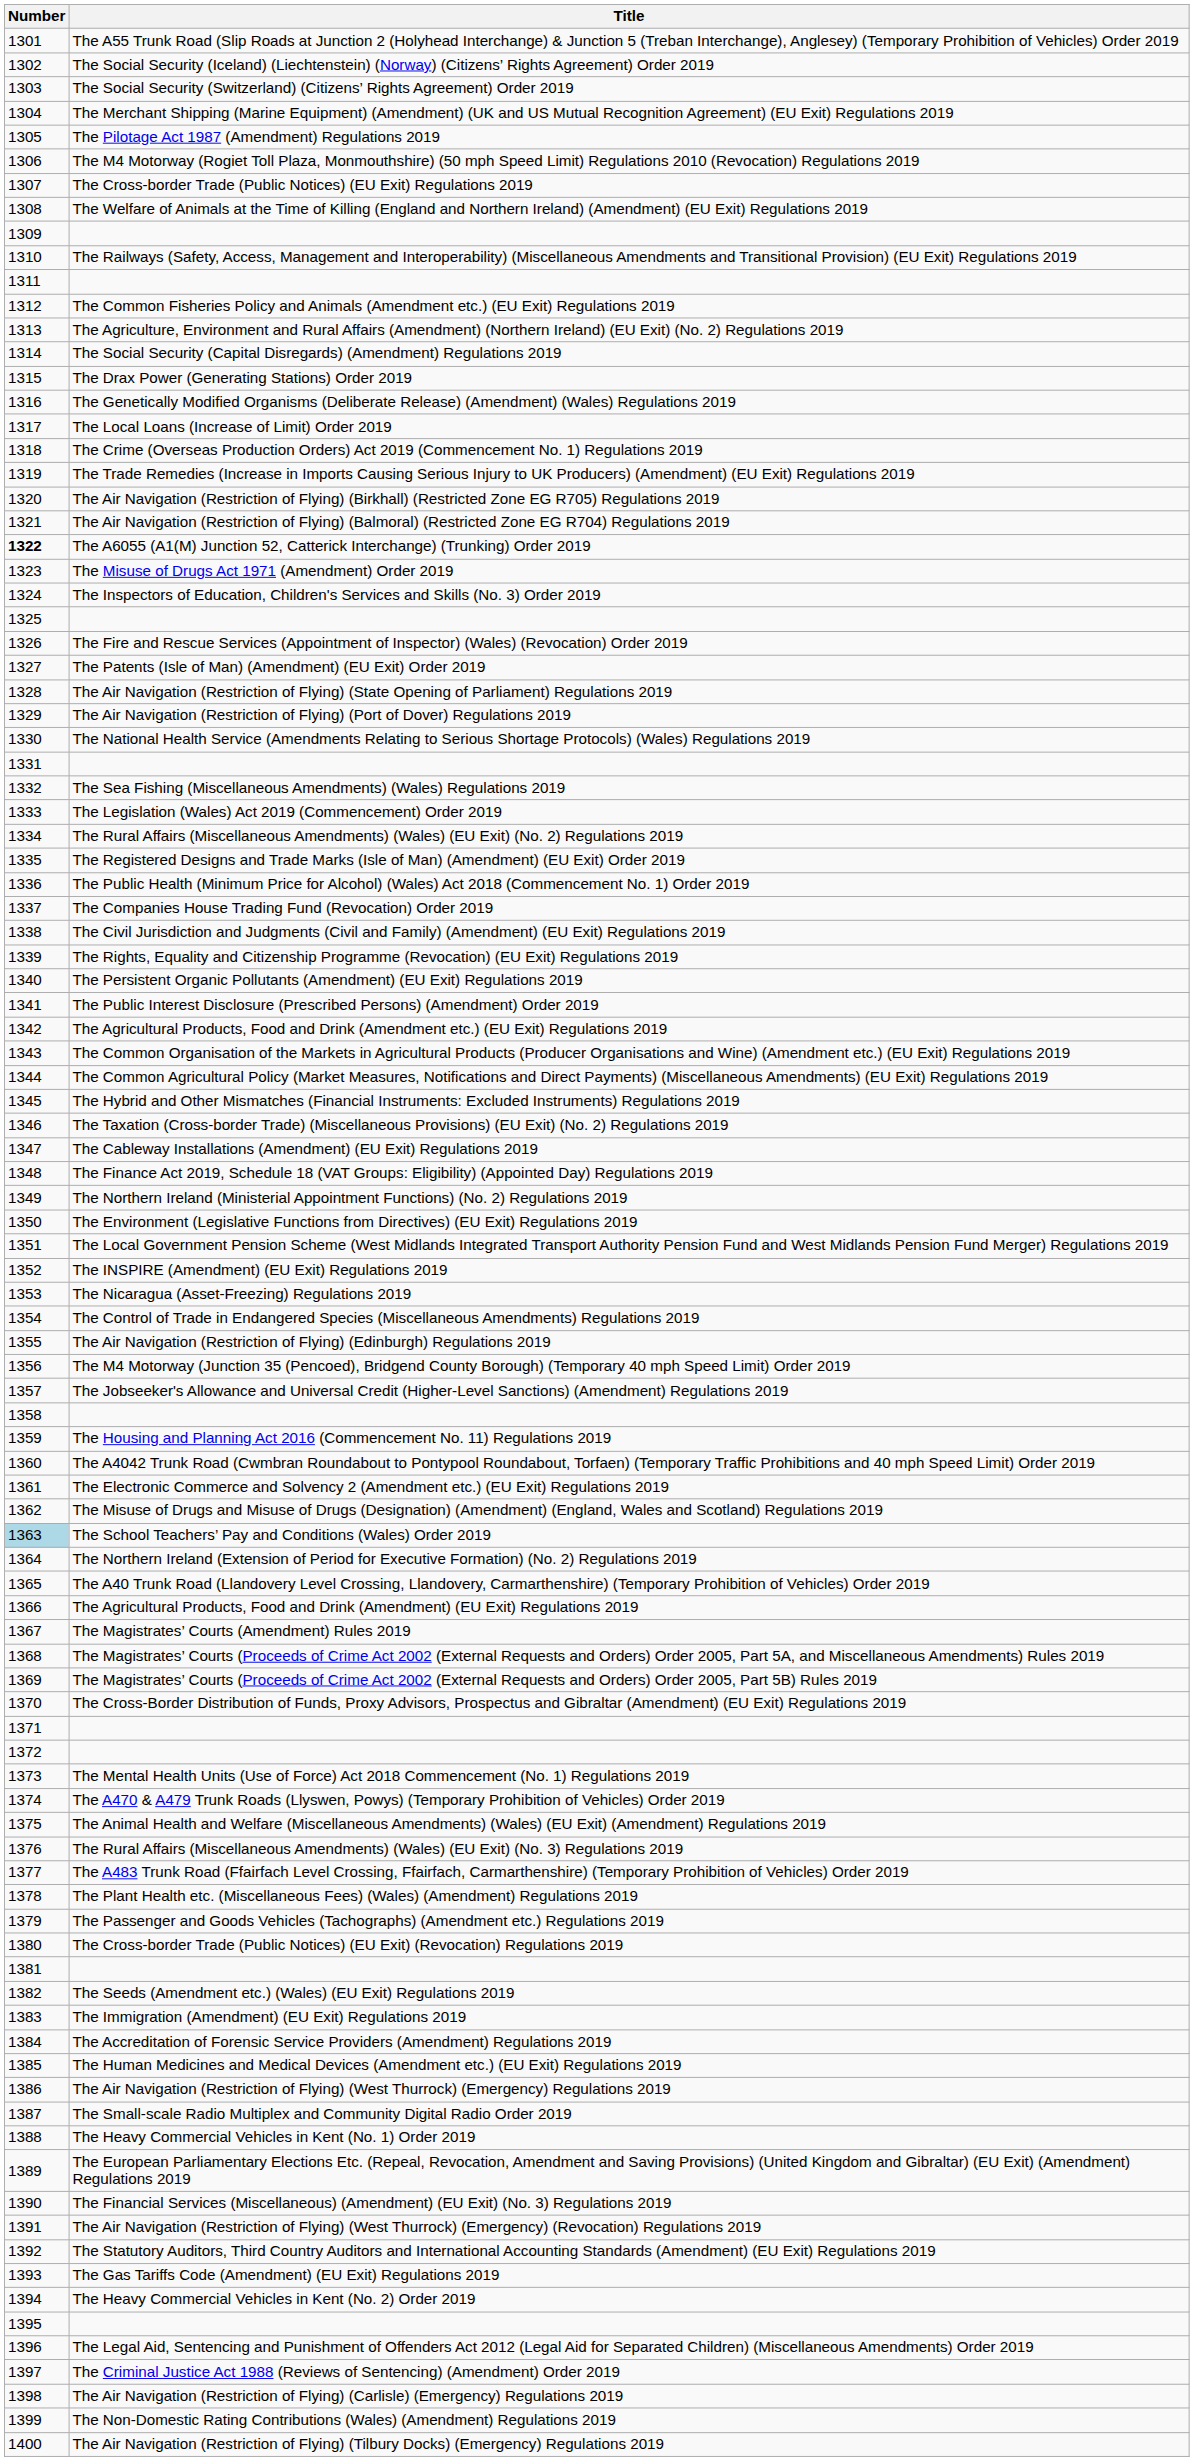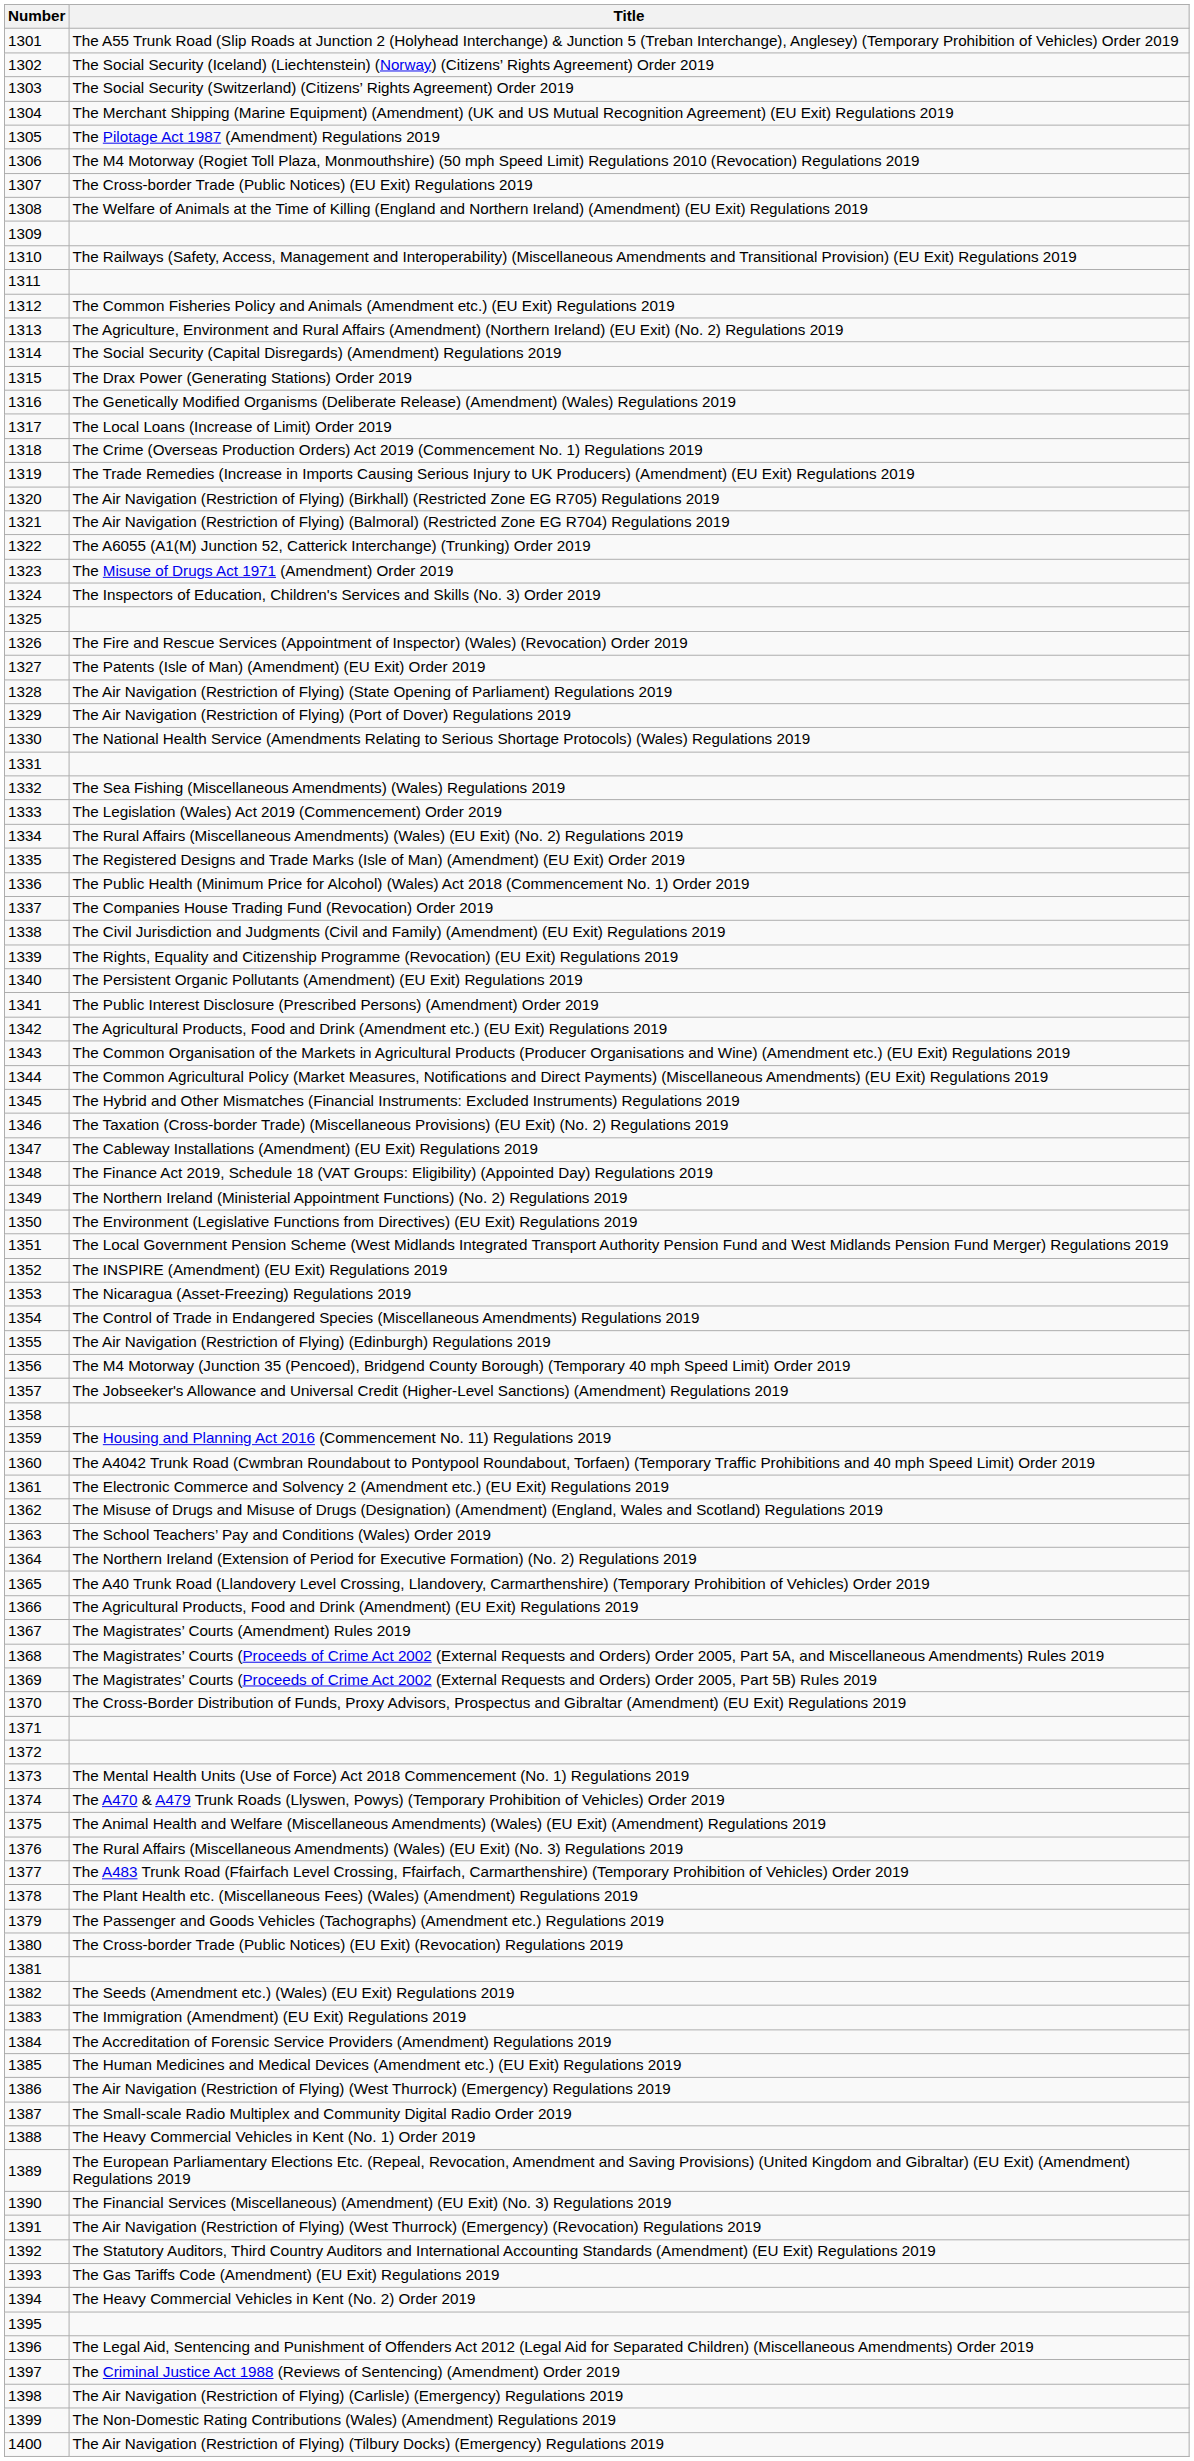 <table class="wikitable collapsible">
 <tr>
 <th>Number</th>
 <th>Title</th>
 </tr>
 <tr>
 <td>1301</td>
 <td>The A55 Trunk Road (Slip Roads at Junction 2 (Holyhead Interchange) & Junction 5 (Treban Interchange), Anglesey) (Temporary Prohibition of Vehicles) Order 2019</td>
 </tr>
 <tr>
 <td>1302</td>
 <td>The Social Security (Iceland) (Liechtenstein) (<a href='#'>Norway</a>) (Citizens’ Rights Agreement) Order 2019</td>
 </tr>
 <tr>
 <td>1303</td>
 <td>The Social Security (Switzerland) (Citizens’ Rights Agreement) Order 2019</td>
 </tr>
 <tr>
 <td>1304</td>
 <td>The Merchant Shipping (Marine Equipment) (Amendment) (UK and US Mutual Recognition Agreement) (EU Exit) Regulations 2019</td>
 </tr>
 <tr>
 <td>1305</td>
 <td>The <a href='#'>Pilotage Act 1987</a> (Amendment) Regulations 2019</td>
 </tr>
 <tr>
 <td>1306</td>
 <td>The M4 Motorway (Rogiet Toll Plaza, Monmouthshire) (50 mph Speed Limit) Regulations 2010 (Revocation) Regulations 2019</td>
 </tr>
 <tr>
 <td>1307</td>
 <td>The Cross-border Trade (Public Notices) (EU Exit) Regulations 2019</td>
 </tr>
 <tr>
 <td>1308</td>
 <td>The Welfare of Animals at the Time of Killing (England and Northern Ireland) (Amendment) (EU Exit) Regulations 2019</td>
 </tr>
 <tr>
 <td>1309</td>
 <td></td>
 </tr>
 <tr>
 <td>1310</td>
 <td>The Railways (Safety, Access, Management and Interoperability) (Miscellaneous Amendments and Transitional Provision) (EU Exit) Regulations 2019</td>
 </tr>
 <tr>
 <td>1311</td>
 <td></td>
 </tr>
 <tr>
 <td>1312</td>
 <td>The Common Fisheries Policy and Animals (Amendment etc.) (EU Exit) Regulations 2019</td>
 </tr>
 <tr>
 <td>1313</td>
 <td>The Agriculture, Environment and Rural Affairs (Amendment) (Northern Ireland) (EU Exit) (No. 2) Regulations 2019</td>
 </tr>
 <tr>
 <td>1314</td>
 <td>The Social Security (Capital Disregards) (Amendment) Regulations 2019</td>
 </tr>
 <tr>
 <td>1315</td>
 <td>The Drax Power (Generating Stations) Order 2019</td>
 </tr>
 <tr>
 <td>1316</td>
 <td>The Genetically Modified Organisms (Deliberate Release) (Amendment) (Wales) Regulations 2019</td>
 </tr>
 <tr>
 <td>1317</td>
 <td>The Local Loans (Increase of Limit) Order 2019</td>
 </tr>
 <tr>
 <td>1318</td>
 <td>The Crime (Overseas Production Orders) Act 2019 (Commencement No. 1) Regulations 2019</td>
 </tr>
 <tr>
 <td>1319</td>
 <td>The Trade Remedies (Increase in Imports Causing Serious Injury to UK Producers) (Amendment) (EU Exit) Regulations 2019</td>
 </tr>
 <tr>
 <td>1320</td>
 <td>The Air Navigation (Restriction of Flying) (Birkhall) (Restricted Zone EG R705) Regulations 2019</td>
 </tr>
 <tr>
 <td>1321</td>
 <td>The Air Navigation (Restriction of Flying) (Balmoral) (Restricted Zone EG R704) Regulations 2019</td>
 </tr>
 <tr>
-<td><strong>1322</strong></td>
+<td>1322</td>
 <td>The A6055 (A1(M) Junction 52, Catterick Interchange) (Trunking) Order 2019</td>
 </tr>
 <tr>
 <td>1323</td>
 <td>The <a href='#'>Misuse of Drugs Act 1971</a> (Amendment) Order 2019</td>
 </tr>
 <tr>
 <td>1324</td>
 <td>The Inspectors of Education, Children's Services and Skills (No. 3) Order 2019</td>
 </tr>
 <tr>
 <td>1325</td>
 <td></td>
 </tr>
 <tr>
 <td>1326</td>
 <td>The Fire and Rescue Services (Appointment of Inspector) (Wales) (Revocation) Order 2019</td>
 </tr>
 <tr>
 <td>1327</td>
 <td>The Patents (Isle of Man) (Amendment) (EU Exit) Order 2019</td>
 </tr>
 <tr>
 <td>1328</td>
 <td>The Air Navigation (Restriction of Flying) (State Opening of Parliament) Regulations 2019</td>
 </tr>
 <tr>
 <td>1329</td>
 <td>The Air Navigation (Restriction of Flying) (Port of Dover) Regulations 2019</td>
 </tr>
 <tr>
 <td>1330</td>
 <td>The National Health Service (Amendments Relating to Serious Shortage Protocols) (Wales) Regulations 2019</td>
 </tr>
 <tr>
 <td>1331</td>
 <td></td>
 </tr>
 <tr>
 <td>1332</td>
 <td>The Sea Fishing (Miscellaneous Amendments) (Wales) Regulations 2019</td>
 </tr>
 <tr>
 <td>1333</td>
 <td>The Legislation (Wales) Act 2019 (Commencement) Order 2019</td>
 </tr>
 <tr>
 <td>1334</td>
 <td>The Rural Affairs (Miscellaneous Amendments) (Wales) (EU Exit) (No. 2) Regulations 2019</td>
 </tr>
 <tr>
 <td>1335</td>
 <td>The Registered Designs and Trade Marks (Isle of Man) (Amendment) (EU Exit) Order 2019</td>
 </tr>
 <tr>
 <td>1336</td>
 <td>The Public Health (Minimum Price for Alcohol) (Wales) Act 2018 (Commencement No. 1) Order 2019</td>
 </tr>
 <tr>
 <td>1337</td>
 <td>The Companies House Trading Fund (Revocation) Order 2019</td>
 </tr>
 <tr>
 <td>1338</td>
 <td>The Civil Jurisdiction and Judgments (Civil and Family) (Amendment) (EU Exit) Regulations 2019</td>
 </tr>
 <tr>
 <td>1339</td>
 <td>The Rights, Equality and Citizenship Programme (Revocation) (EU Exit) Regulations 2019</td>
 </tr>
 <tr>
 <td>1340</td>
 <td>The Persistent Organic Pollutants (Amendment) (EU Exit) Regulations 2019</td>
 </tr>
 <tr>
 <td>1341</td>
 <td>The Public Interest Disclosure (Prescribed Persons) (Amendment) Order 2019</td>
 </tr>
 <tr>
 <td>1342</td>
 <td>The Agricultural Products, Food and Drink (Amendment etc.) (EU Exit) Regulations 2019</td>
 </tr>
 <tr>
 <td>1343</td>
 <td>The Common Organisation of the Markets in Agricultural Products (Producer Organisations and Wine) (Amendment etc.) (EU Exit) Regulations 2019</td>
 </tr>
 <tr>
 <td>1344</td>
 <td>The Common Agricultural Policy (Market Measures, Notifications and Direct Payments) (Miscellaneous Amendments) (EU Exit) Regulations 2019</td>
 </tr>
 <tr>
 <td>1345</td>
 <td>The Hybrid and Other Mismatches (Financial Instruments: Excluded Instruments) Regulations 2019</td>
 </tr>
 <tr>
 <td>1346</td>
 <td>The Taxation (Cross-border Trade) (Miscellaneous Provisions) (EU Exit) (No. 2) Regulations 2019</td>
 </tr>
 <tr>
 <td>1347</td>
 <td>The Cableway Installations (Amendment) (EU Exit) Regulations 2019</td>
 </tr>
 <tr>
 <td>1348</td>
 <td>The Finance Act 2019, Schedule 18 (VAT Groups: Eligibility) (Appointed Day) Regulations 2019</td>
 </tr>
 <tr>
 <td>1349</td>
 <td>The Northern Ireland (Ministerial Appointment Functions) (No. 2) Regulations 2019</td>
 </tr>
 <tr>
 <td>1350</td>
 <td>The Environment (Legislative Functions from Directives) (EU Exit) Regulations 2019</td>
 </tr>
 <tr>
 <td>1351</td>
 <td>The Local Government Pension Scheme (West Midlands Integrated Transport Authority Pension Fund and West Midlands Pension Fund Merger) Regulations 2019</td>
 </tr>
 <tr>
 <td>1352</td>
 <td>The INSPIRE (Amendment) (EU Exit) Regulations 2019</td>
 </tr>
 <tr>
 <td>1353</td>
 <td>The Nicaragua (Asset-Freezing) Regulations 2019</td>
 </tr>
 <tr>
 <td>1354</td>
 <td>The Control of Trade in Endangered Species (Miscellaneous Amendments) Regulations 2019</td>
 </tr>
 <tr>
 <td>1355</td>
 <td>The Air Navigation (Restriction of Flying) (Edinburgh) Regulations 2019</td>
 </tr>
 <tr>
 <td>1356</td>
 <td>The M4 Motorway (Junction 35 (Pencoed), Bridgend County Borough) (Temporary 40 mph Speed Limit) Order 2019</td>
 </tr>
 <tr>
 <td>1357</td>
 <td>The Jobseeker's Allowance and Universal Credit (Higher-Level Sanctions) (Amendment) Regulations 2019</td>
 </tr>
 <tr>
 <td>1358</td>
 <td></td>
 </tr>
 <tr>
 <td>1359</td>
 <td>The <a href='#'>Housing and Planning Act 2016</a> (Commencement No. 11) Regulations 2019</td>
 </tr>
 <tr>
 <td>1360</td>
 <td>The A4042 Trunk Road (Cwmbran Roundabout to Pontypool Roundabout, Torfaen) (Temporary Traffic Prohibitions and 40 mph Speed Limit) Order 2019</td>
 </tr>
 <tr>
 <td>1361</td>
 <td>The Electronic Commerce and Solvency 2 (Amendment etc.) (EU Exit) Regulations 2019</td>
 </tr>
 <tr>
 <td>1362</td>
 <td>The Misuse of Drugs and Misuse of Drugs (Designation) (Amendment) (England, Wales and Scotland) Regulations 2019</td>
 </tr>
 <tr>
-<td style="background: lightblue;">1363</td>
+<td>1363</td>
 <td>The School Teachers’ Pay and Conditions (Wales) Order 2019</td>
 </tr>
 <tr>
 <td>1364</td>
 <td>The Northern Ireland (Extension of Period for Executive Formation) (No. 2) Regulations 2019</td>
 </tr>
 <tr>
 <td>1365</td>
 <td>The A40 Trunk Road (Llandovery Level Crossing, Llandovery, Carmarthenshire) (Temporary Prohibition of Vehicles) Order 2019</td>
 </tr>
 <tr>
 <td>1366</td>
 <td>The Agricultural Products, Food and Drink (Amendment) (EU Exit) Regulations 2019</td>
 </tr>
 <tr>
 <td>1367</td>
 <td>The Magistrates’ Courts (Amendment) Rules 2019</td>
 </tr>
 <tr>
 <td>1368</td>
 <td>The Magistrates’ Courts (<a href='#'>Proceeds of Crime Act 2002</a> (External Requests and Orders) Order 2005, Part 5A, and Miscellaneous Amendments) Rules 2019</td>
 </tr>
 <tr>
 <td>1369</td>
 <td>The Magistrates’ Courts (<a href='#'>Proceeds of Crime Act 2002</a> (External Requests and Orders) Order 2005, Part 5B) Rules 2019</td>
 </tr>
 <tr>
 <td>1370</td>
 <td>The Cross-Border Distribution of Funds, Proxy Advisors, Prospectus and Gibraltar (Amendment) (EU Exit) Regulations 2019</td>
 </tr>
 <tr>
 <td>1371</td>
 <td></td>
 </tr>
 <tr>
 <td>1372</td>
 <td></td>
 </tr>
 <tr>
 <td>1373</td>
 <td>The Mental Health Units (Use of Force) Act 2018 Commencement (No. 1) Regulations 2019</td>
 </tr>
 <tr>
 <td>1374</td>
 <td>The <a href='#'>A470</a> & <a href='#'>A479</a> Trunk Roads (Llyswen, Powys) (Temporary Prohibition of Vehicles) Order 2019</td>
 </tr>
 <tr>
 <td>1375</td>
 <td>The Animal Health and Welfare (Miscellaneous Amendments) (Wales) (EU Exit) (Amendment) Regulations 2019</td>
 </tr>
 <tr>
 <td>1376</td>
 <td>The Rural Affairs (Miscellaneous Amendments) (Wales) (EU Exit) (No. 3) Regulations 2019</td>
 </tr>
 <tr>
 <td>1377</td>
 <td>The <a href='#'>A483</a> Trunk Road (Ffairfach Level Crossing, Ffairfach, Carmarthenshire) (Temporary Prohibition of Vehicles) Order 2019</td>
 </tr>
 <tr>
 <td>1378</td>
 <td>The Plant Health etc. (Miscellaneous Fees) (Wales) (Amendment) Regulations 2019</td>
 </tr>
 <tr>
 <td>1379</td>
 <td>The Passenger and Goods Vehicles (Tachographs) (Amendment etc.) Regulations 2019</td>
 </tr>
 <tr>
 <td>1380</td>
 <td>The Cross-border Trade (Public Notices) (EU Exit) (Revocation) Regulations 2019</td>
 </tr>
 <tr>
 <td>1381</td>
 <td></td>
 </tr>
 <tr>
 <td>1382</td>
 <td>The Seeds (Amendment etc.) (Wales) (EU Exit) Regulations 2019</td>
 </tr>
 <tr>
 <td>1383</td>
 <td>The Immigration (Amendment) (EU Exit) Regulations 2019</td>
 </tr>
 <tr>
 <td>1384</td>
 <td>The Accreditation of Forensic Service Providers (Amendment) Regulations 2019</td>
 </tr>
 <tr>
 <td>1385</td>
 <td>The Human Medicines and Medical Devices (Amendment etc.) (EU Exit) Regulations 2019</td>
 </tr>
 <tr>
 <td>1386</td>
 <td>The Air Navigation (Restriction of Flying) (West Thurrock) (Emergency) Regulations 2019</td>
 </tr>
 <tr>
 <td>1387</td>
 <td>The Small-scale Radio Multiplex and Community Digital Radio Order 2019</td>
 </tr>
 <tr>
 <td>1388</td>
 <td>The Heavy Commercial Vehicles in Kent (No. 1) Order 2019</td>
 </tr>
 <tr>
 <td>1389</td>
 <td>The European Parliamentary Elections Etc. (Repeal, Revocation, Amendment and Saving Provisions) (United Kingdom and Gibraltar) (EU Exit) (Amendment) Regulations 2019</td>
 </tr>
 <tr>
 <td>1390</td>
 <td>The Financial Services (Miscellaneous) (Amendment) (EU Exit) (No. 3) Regulations 2019</td>
 </tr>
 <tr>
 <td>1391</td>
 <td>The Air Navigation (Restriction of Flying) (West Thurrock) (Emergency) (Revocation) Regulations 2019</td>
 </tr>
 <tr>
 <td>1392</td>
 <td>The Statutory Auditors, Third Country Auditors and International Accounting Standards (Amendment) (EU Exit) Regulations 2019</td>
 </tr>
 <tr>
 <td>1393</td>
 <td>The Gas Tariffs Code (Amendment) (EU Exit) Regulations 2019</td>
 </tr>
 <tr>
 <td>1394</td>
 <td>The Heavy Commercial Vehicles in Kent (No. 2) Order 2019</td>
 </tr>
 <tr>
 <td>1395</td>
 <td></td>
 </tr>
 <tr>
 <td>1396</td>
 <td>The Legal Aid, Sentencing and Punishment of Offenders Act 2012 (Legal Aid for Separated Children) (Miscellaneous Amendments) Order 2019</td>
 </tr>
 <tr>
 <td>1397</td>
 <td>The <a href='#'>Criminal Justice Act 1988</a> (Reviews of Sentencing) (Amendment) Order 2019</td>
 </tr>
 <tr>
 <td>1398</td>
 <td>The Air Navigation (Restriction of Flying) (Carlisle) (Emergency) Regulations 2019</td>
 </tr>
 <tr>
 <td>1399</td>
 <td>The Non-Domestic Rating Contributions (Wales) (Amendment) Regulations 2019</td>
 </tr>
 <tr>
 <td>1400</td>
 <td>The Air Navigation (Restriction of Flying) (Tilbury Docks) (Emergency) Regulations 2019</td>
 </tr>
 </table>
